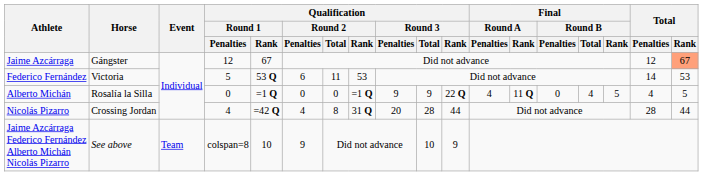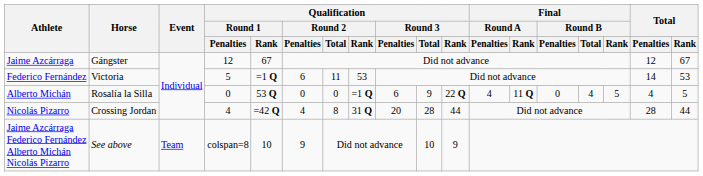 <table class="wikitable" style="font-size:90%">
 <tr>
 <th rowspan="3">Athlete</th>
 <th rowspan="3">Horse</th>
 <th rowspan="3">Event</th>
 <th colspan="8">Qualification</th>
 <th colspan="5">Final</th>
 <th rowspan=2 colspan="2">Total</th>
 </tr>
 <tr style="font-size:95%">
 <th colspan="2">Round 1</th>
 <th colspan="3">Round 2</th>
 <th colspan="3">Round 3</th>
 <th colspan="2">Round A</th>
 <th colspan="3">Round B</th>
 </tr>
 <tr style="font-size:95%">
 <th>Penalties</th>
 <th>Rank</th>
 <th>Penalties</th>
 <th>Total</th>
 <th>Rank</th>
 <th>Penalties</th>
 <th>Total</th>
 <th>Rank</th>
 <th>Penalties</th>
 <th>Rank</th>
 <th>Penalties</th>
 <th>Total</th>
 <th>Rank</th>
 <th>Penalties</th>
 <th>Rank</th>
 </tr>
 <tr align=center>
 <td align=left><a href='#'>Jaime Azcárraga</a></td>
 <td align=left>Gángster</td>
 <td align=left rowspan=4><a href='#'>Individual</a></td>
 <td>12</td>
 <td>67</td>
 <td colspan=11>Did not advance</td>
 <td>12</td>
-<td style="background: lightsalmon;">67</td>
+<td>67</td>
 </tr>
 <tr align=center>
 <td align=left><a href='#'>Federico Fernández</a></td>
 <td align=left>Victoria</td>
 <td>5</td>
-<td>53 <strong>Q</strong></td>
+<td>=1 <strong>Q</strong></td>
 <td>6</td>
 <td>11</td>
 <td>53</td>
 <td colspan=8>Did not advance</td>
 <td>14</td>
 <td>53</td>
 </tr>
 <tr align=center>
 <td align=left><a href='#'>Alberto Michán</a></td>
 <td align=left>Rosalía la Silla</td>
 <td>0</td>
-<td>=1 <strong>Q</strong></td>
+<td>53 <strong>Q</strong></td>
 <td>0</td>
 <td>0</td>
 <td>=1 <strong>Q</strong></td>
-<td>9</td>
+<td>6</td>
 <td>9</td>
 <td>22 <strong>Q</strong></td>
 <td>4</td>
 <td>11 <strong>Q</strong></td>
 <td>0</td>
 <td>4</td>
 <td>5</td>
 <td>4</td>
 <td>5</td>
 </tr>
 <tr align=center>
 <td align=left><a href='#'>Nicolás Pizarro</a></td>
 <td align=left>Crossing Jordan</td>
 <td>4</td>
 <td>=42 <strong>Q</strong></td>
 <td>4</td>
 <td>8</td>
 <td>31 <strong>Q</strong></td>
 <td>20</td>
 <td>28</td>
 <td>44</td>
 <td colspan= 5>Did not advance</td>
 <td>28</td>
 <td>44</td>
 </tr>
 <tr align=center>
 <td align=left><a href='#'>Jaime Azcárraga</a><br><a href='#'>Federico Fernández</a><br><a href='#'>Alberto Michán</a><br><a href='#'>Nicolás Pizarro</a></td>
 <td align=left><em>See above</em></td>
 <td align=left><a href='#'>Team</a></td>
 <td>colspan=8 </td>
 <td>10</td>
 <td>9</td>
 <td colspan=3>Did not advance</td>
 <td>10</td>
 <td>9</td>
 </tr>
 </table>
